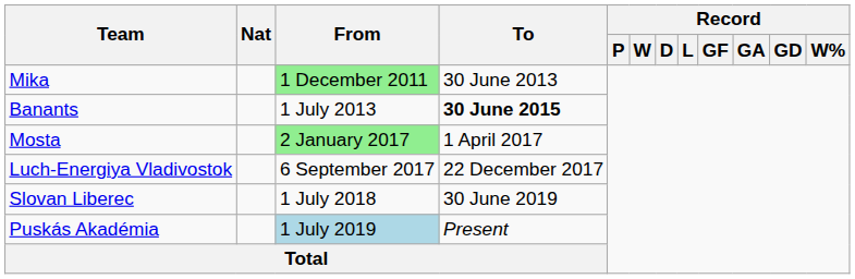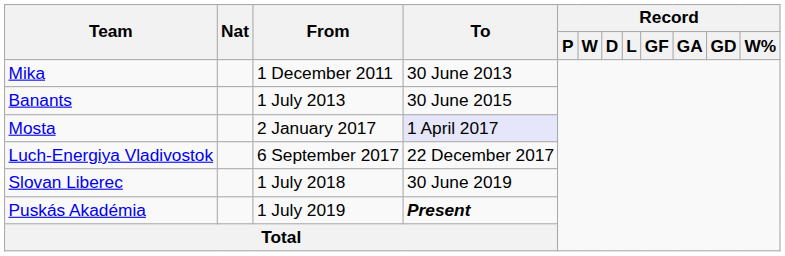 <table class="wikitable" style="text-align:center">
 <tr>
 <th rowspan="2">Team</th>
 <th rowspan="2">Nat</th>
 <th rowspan="2">From</th>
 <th rowspan="2">To</th>
 <th colspan="8">Record</th>
 </tr>
 <tr>
 <th>P</th>
 <th>W</th>
 <th>D</th>
 <th>L</th>
 <th>GF</th>
 <th>GA</th>
 <th>GD</th>
 <th>W%</th>
 </tr>
 <tr>
 <td align=left><a href='#'>Mika</a></td>
 <td></td>
-<td align=left style="background: lightgreen;">1 December 2011</td>
+<td align=left>1 December 2011</td>
 <td align=left>30 June 2013<br></td>
 </tr>
 <tr>
 <td align=left><a href='#'>Banants</a></td>
 <td></td>
 <td align=left>1 July 2013</td>
-<td align=left><strong>30 June 2015<br></strong></td>
+<td align=left>30 June 2015<br></td>
 </tr>
 <tr>
 <td align=left><a href='#'>Mosta</a></td>
 <td></td>
-<td align=left style="background: lightgreen;">2 January 2017</td>
-<td align=left>1 April 2017<br></td>
+<td align=left>2 January 2017</td>
+<td align=left style="background: lavender;">1 April 2017<br></td>
 </tr>
 <tr>
 <td align=left><a href='#'>Luch-Energiya Vladivostok</a></td>
 <td></td>
 <td align=left>6 September 2017</td>
 <td align=left>22 December 2017<br></td>
 </tr>
 <tr>
 <td align=left><a href='#'>Slovan Liberec</a></td>
 <td></td>
 <td align=left>1 July 2018</td>
 <td align=left>30 June 2019<br></td>
 </tr>
 <tr>
 <td align=left><a href='#'>Puskás Akadémia</a></td>
 <td></td>
-<td align=left style="background: lightblue;">1 July 2019</td>
-<td align=left><em>Present</em><br></td>
+<td align=left>1 July 2019</td>
+<td align=left><strong><em>Present</em><br></strong></td>
 </tr>
 <tr>
 <th colspan="4">Total<br></th>
 </tr>
 </table>
